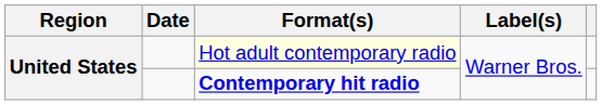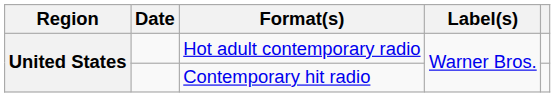 <table class="wikitable plainrowheaders" style="text-align:left">
 <tr>
 <th scope="col">Region</th>
 <th scope="col">Date</th>
 <th scope="col">Format(s)</th>
 <th scope="col">Label(s)</th>
 <th scope="col"></th>
 </tr>
 <tr>
 <th scope="row" rowspan="2">United States</th>
 <td></td>
-<td style="background: lightyellow;"><a href='#'>Hot adult contemporary radio</a></td>
+<td><a href='#'>Hot adult contemporary radio</a></td>
 <td rowspan="2"><a href='#'>Warner Bros.</a></td>
 <td></td>
 </tr>
 <tr>
 <td></td>
-<td><strong><a href='#'>Contemporary hit radio</a></strong></td>
+<td><a href='#'>Contemporary hit radio</a></td>
 <td></td>
 </tr>
 </table>
